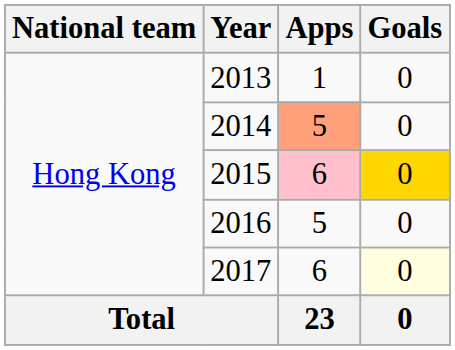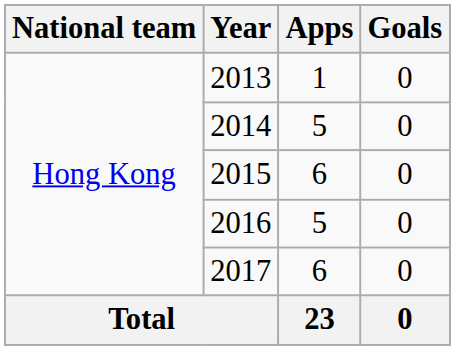 <table class="wikitable" style="text-align:center">
 <tr>
 <th>National team</th>
 <th>Year</th>
 <th>Apps</th>
 <th>Goals</th>
 </tr>
 <tr>
 <td rowspan="5"><a href='#'>Hong Kong</a></td>
 <td>2013</td>
 <td>1</td>
 <td>0</td>
 </tr>
 <tr>
 <td>2014</td>
-<td style="background: lightsalmon;">5</td>
+<td>5</td>
 <td>0</td>
 </tr>
 <tr>
 <td>2015</td>
-<td style="background: pink;">6</td>
-<td style="background: gold;">0</td>
+<td>6</td>
+<td>0</td>
 </tr>
 <tr>
 <td>2016</td>
 <td>5</td>
 <td>0</td>
 </tr>
 <tr>
 <td>2017</td>
 <td>6</td>
-<td style="background: lightyellow;">0</td>
+<td>0</td>
 </tr>
 <tr>
 <th colspan=2>Total</th>
 <th>23</th>
 <th>0</th>
 </tr>
 </table>
